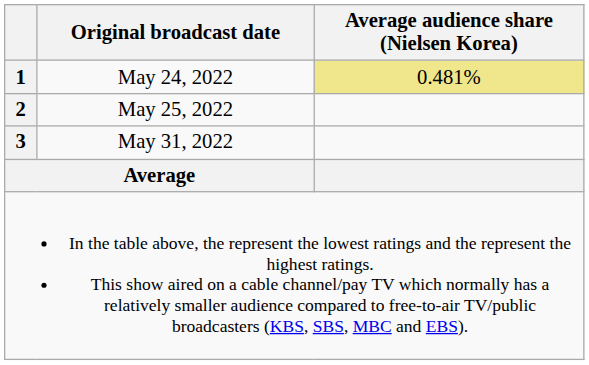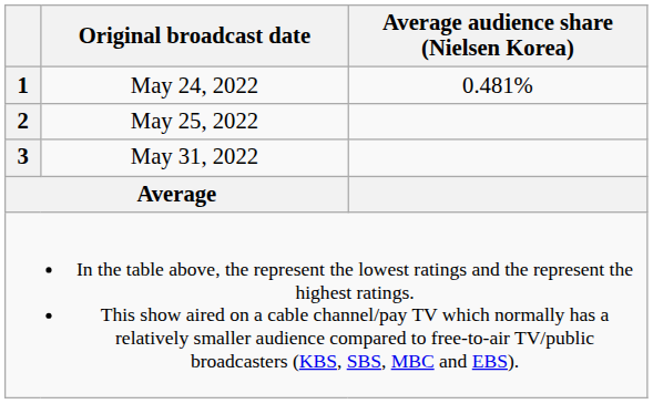 <table class="wikitable" style="text-align:center; width:450px">
 <tr>
 <th scope="col"></th>
 <th scope="col">Original broadcast date</th>
 <th scope="col">Average audience share<br>(Nielsen Korea)</th>
 </tr>
 <tr>
 <th scope="row">1</th>
 <td>May 24, 2022</td>
-<td style="background: khaki;">0.481% </td>
+<td>0.481% </td>
 </tr>
 <tr>
 <th scope="row">2</th>
 <td>May 25, 2022</td>
 <td> </td>
 </tr>
 <tr>
 <th scope="row">3</th>
 <td>May 31, 2022</td>
 <td> </td>
 </tr>
 <tr>
 <th scope="col" colspan="2">Average</th>
 <th scope="col"></th>
 </tr>
 <tr>
 <td colspan="3" style="font-size:85%"><br><ul><li>In the table above, the  represent the lowest ratings and the  represent the highest ratings.</li><li>This show aired on a cable channel/pay TV which normally has a relatively smaller audience compared to free-to-air TV/public broadcasters (<a href='#'>KBS</a>, <a href='#'>SBS</a>, <a href='#'>MBC</a> and <a href='#'>EBS</a>).</li></ul></td>
 </tr>
 </table>
